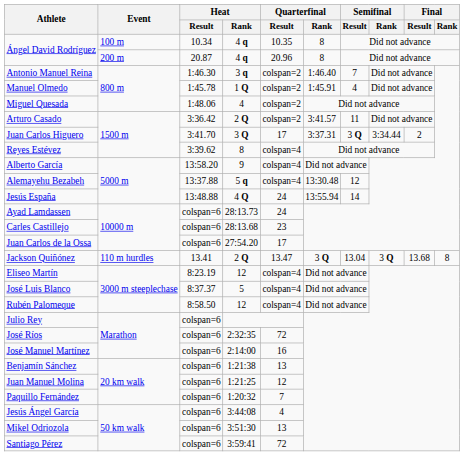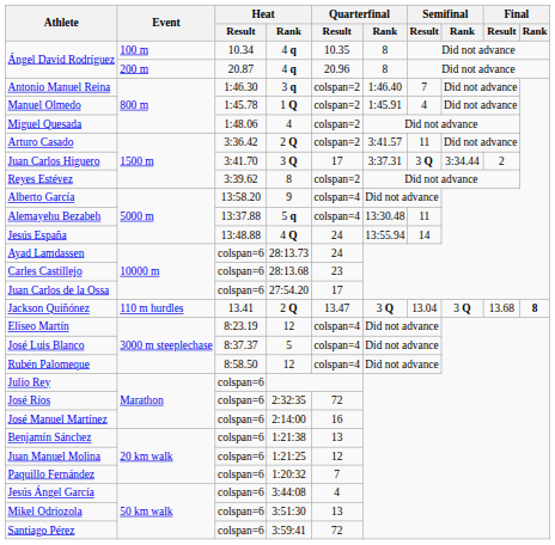 <table class=wikitable style="font-size:90%">
 <tr>
 <th rowspan="2">Athlete</th>
 <th rowspan="2">Event</th>
 <th colspan="2">Heat</th>
 <th colspan="2">Quarterfinal</th>
 <th colspan="2">Semifinal</th>
 <th colspan="2">Final</th>
 </tr>
 <tr style="font-size:95%">
 <th>Result</th>
 <th>Rank</th>
 <th>Result</th>
 <th>Rank</th>
 <th>Result</th>
 <th>Rank</th>
 <th>Result</th>
 <th>Rank</th>
 </tr>
 <tr align=center>
 <td align=left rowspan=2><a href='#'>Ángel David Rodríguez</a></td>
 <td align=left><a href='#'>100 m</a></td>
 <td>10.34</td>
 <td>4 <strong>q</strong></td>
 <td>10.35</td>
 <td>8</td>
 <td colspan=4>Did not advance</td>
 </tr>
 <tr align=center>
 <td align=left><a href='#'>200 m</a></td>
 <td>20.87</td>
 <td>4 <strong>q</strong></td>
 <td>20.96</td>
 <td>8</td>
 <td colspan=4>Did not advance</td>
 </tr>
 <tr align=center>
 <td align=left><a href='#'>Antonio Manuel Reina</a></td>
 <td align=left rowspan=3><a href='#'>800 m</a></td>
 <td>1:46.30</td>
 <td>3 <strong>q</strong></td>
 <td>colspan=2 </td>
 <td>1:46.40</td>
 <td>7</td>
 <td colspan=2>Did not advance</td>
 </tr>
 <tr align=center>
 <td align=left><a href='#'>Manuel Olmedo</a></td>
 <td>1:45.78</td>
 <td>1 <strong>Q</strong></td>
 <td>colspan=2 </td>
 <td>1:45.91</td>
 <td>4</td>
 <td colspan=2>Did not advance</td>
 </tr>
 <tr align=center>
 <td align=left><a href='#'>Miguel Quesada</a></td>
 <td>1:48.06</td>
 <td>4</td>
 <td>colspan=2 </td>
 <td colspan=4>Did not advance</td>
 </tr>
 <tr align=center>
 <td align=left><a href='#'>Arturo Casado</a></td>
 <td align=left rowspan=3><a href='#'>1500 m</a></td>
 <td>3:36.42</td>
 <td>2 <strong>Q</strong></td>
 <td>colspan=2 </td>
 <td>3:41.57</td>
 <td>11</td>
 <td colspan=2>Did not advance</td>
 </tr>
 <tr align=center>
 <td align=left><a href='#'>Juan Carlos Higuero</a></td>
 <td>3:41.70</td>
 <td>3 <strong>Q</strong></td>
 <td>17</td>
 <td>3:37.31</td>
 <td>3 <strong>Q</strong></td>
 <td>3:34.44</td>
 <td>2</td>
 </tr>
 <tr align=center>
 <td align=left><a href='#'>Reyes Estévez</a></td>
 <td>3:39.62</td>
 <td>8</td>
-<td>colspan=4 </td>
+<td>colspan=2 </td>
 <td colspan=4>Did not advance</td>
 </tr>
 <tr align=center>
 <td align=left><a href='#'>Alberto García</a></td>
 <td align=left rowspan=3><a href='#'>5000 m</a></td>
 <td>13:58.20</td>
 <td>9</td>
 <td>colspan=4 </td>
 <td colspan=2>Did not advance</td>
 </tr>
 <tr align=center>
 <td align=left><a href='#'>Alemayehu Bezabeh</a></td>
 <td>13:37.88</td>
 <td>5 <strong>q</strong></td>
 <td>colspan=4 </td>
 <td>13:30.48</td>
-<td>12</td>
+<td>11</td>
 </tr>
 <tr align=center>
 <td align=left><a href='#'>Jesús España</a></td>
 <td>13:48.88</td>
 <td>4 <strong>Q</strong></td>
 <td>24</td>
 <td>13:55.94</td>
 <td>14</td>
 </tr>
 <tr align=center>
 <td align=left><a href='#'>Ayad Lamdassen</a></td>
 <td align=left rowspan=3><a href='#'>10000 m</a></td>
 <td>colspan=6 </td>
 <td>28:13.73</td>
 <td>24</td>
 </tr>
 <tr align=center>
 <td align=left><a href='#'>Carles Castillejo</a></td>
 <td>colspan=6 </td>
 <td>28:13.68</td>
 <td>23</td>
 </tr>
 <tr align=center>
 <td align=left><a href='#'>Juan Carlos de la Ossa</a></td>
 <td>colspan=6 </td>
 <td>27:54.20</td>
 <td>17</td>
 </tr>
 <tr align=center>
 <td align=left><a href='#'>Jackson Quiñónez</a></td>
 <td align=left><a href='#'>110 m hurdles</a></td>
 <td>13.41</td>
 <td>2 <strong>Q</strong></td>
 <td>13.47</td>
 <td>3 <strong>Q</strong></td>
 <td>13.04</td>
 <td>3 <strong>Q</strong></td>
 <td>13.68</td>
-<td>8</td>
+<td><strong>8</strong></td>
 </tr>
 <tr align=center>
 <td align=left><a href='#'>Eliseo Martín</a></td>
 <td align=left rowspan=3><a href='#'>3000 m steeplechase</a></td>
 <td>8:23.19</td>
 <td>12</td>
 <td>colspan=4 </td>
 <td colspan=2>Did not advance</td>
 </tr>
 <tr align=center>
 <td align=left><a href='#'>José Luis Blanco</a></td>
 <td>8:37.37</td>
 <td>5</td>
 <td>colspan=4 </td>
 <td colspan=2>Did not advance</td>
 </tr>
 <tr align=center>
 <td align=left><a href='#'>Rubén Palomeque</a></td>
 <td>8:58.50</td>
 <td>12</td>
 <td>colspan=4 </td>
 <td colspan=2>Did not advance</td>
 </tr>
 <tr align=center>
 <td align=left><a href='#'>Julio Rey</a></td>
 <td align=left rowspan=3><a href='#'>Marathon</a></td>
 <td>colspan=6 </td>
 <td colspan=2></td>
 </tr>
 <tr align=center>
 <td align=left><a href='#'>José Ríos</a></td>
 <td>colspan=6 </td>
 <td>2:32:35</td>
 <td>72</td>
 </tr>
 <tr align=center>
 <td align=left><a href='#'>José Manuel Martínez</a></td>
 <td>colspan=6 </td>
 <td>2:14:00</td>
 <td>16</td>
 </tr>
 <tr align=center>
 <td align=left><a href='#'>Benjamín Sánchez</a></td>
 <td align=left rowspan=3><a href='#'>20 km walk</a></td>
 <td>colspan=6 </td>
 <td>1:21:38</td>
 <td>13</td>
 </tr>
 <tr align=center>
 <td align=left><a href='#'>Juan Manuel Molina</a></td>
 <td>colspan=6 </td>
 <td>1:21:25</td>
 <td>12</td>
 </tr>
 <tr align=center>
 <td align=left><a href='#'>Paquillo Fernández</a></td>
 <td>colspan=6 </td>
 <td>1:20:32</td>
 <td>7</td>
 </tr>
 <tr align=center>
 <td align=left><a href='#'>Jesús Ángel García</a></td>
 <td align=left rowspan=3><a href='#'>50 km walk</a></td>
 <td>colspan=6 </td>
 <td>3:44:08</td>
 <td>4</td>
 </tr>
 <tr align=center>
 <td align=left><a href='#'>Mikel Odriozola</a></td>
 <td>colspan=6 </td>
 <td>3:51:30</td>
 <td>13</td>
 </tr>
 <tr align=center>
 <td align=left><a href='#'>Santiago Pérez</a></td>
 <td>colspan=6 </td>
 <td>3:59:41</td>
 <td>72</td>
 </tr>
 </table>
